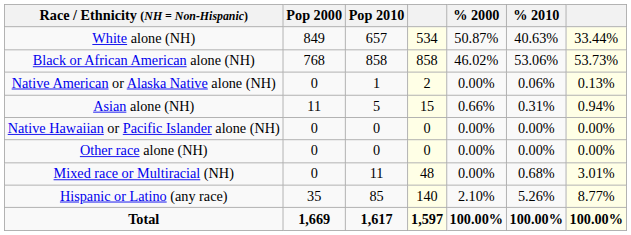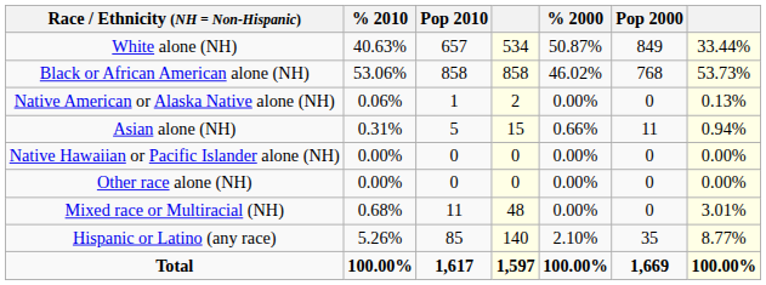 <table class="wikitable" style="text-align:center;">
 <tr>
 <th>Race / Ethnicity <small>(<em>NH = Non-Hispanic</em>)</small></th>
-<th>Pop 2000</th>
+<th>% 2010</th>
 <th>Pop 2010</th>
 <th></th>
 <th>% 2000</th>
-<th>% 2010</th>
+<th>Pop 2000</th>
 <th></th>
 </tr>
 <tr>
 <td><a href='#'>White</a> alone (NH)</td>
-<td>849</td>
+<td>40.63%</td>
 <td>657</td>
 <td style='background: #ffffe6;'>534</td>
 <td>50.87%</td>
-<td>40.63%</td>
+<td>849</td>
 <td style='background: #ffffe6;'>33.44%</td>
 </tr>
 <tr>
 <td><a href='#'>Black or African American</a> alone (NH)</td>
-<td>768</td>
+<td>53.06%</td>
 <td>858</td>
 <td style='background: #ffffe6;'>858</td>
 <td>46.02%</td>
-<td>53.06%</td>
+<td>768</td>
 <td style='background: #ffffe6;'>53.73%</td>
 </tr>
 <tr>
 <td><a href='#'>Native American</a> or <a href='#'>Alaska Native</a> alone (NH)</td>
-<td>0</td>
+<td>0.06%</td>
 <td>1</td>
 <td style='background: #ffffe6;'>2</td>
 <td>0.00%</td>
-<td>0.06%</td>
+<td>0</td>
 <td style='background: #ffffe6;'>0.13%</td>
 </tr>
 <tr>
 <td><a href='#'>Asian</a> alone (NH)</td>
-<td>11</td>
+<td>0.31%</td>
 <td>5</td>
 <td style='background: #ffffe6;'>15</td>
 <td>0.66%</td>
-<td>0.31%</td>
+<td>11</td>
 <td style='background: #ffffe6;'>0.94%</td>
 </tr>
 <tr>
 <td><a href='#'>Native Hawaiian</a> or <a href='#'>Pacific Islander</a> alone (NH)</td>
-<td>0</td>
+<td>0.00%</td>
 <td>0</td>
 <td style='background: #ffffe6;'>0</td>
 <td>0.00%</td>
-<td>0.00%</td>
+<td>0</td>
 <td style='background: #ffffe6;'>0.00%</td>
 </tr>
 <tr>
 <td><a href='#'>Other race</a> alone (NH)</td>
-<td>0</td>
+<td>0.00%</td>
 <td>0</td>
 <td style='background: #ffffe6;'>0</td>
 <td>0.00%</td>
-<td>0.00%</td>
+<td>0</td>
 <td style='background: #ffffe6;'>0.00%</td>
 </tr>
 <tr>
 <td><a href='#'>Mixed race or Multiracial</a> (NH)</td>
-<td>0</td>
+<td>0.68%</td>
 <td>11</td>
 <td style='background: #ffffe6;'>48</td>
 <td>0.00%</td>
-<td>0.68%</td>
+<td>0</td>
 <td style='background: #ffffe6;'>3.01%</td>
 </tr>
 <tr>
 <td><a href='#'>Hispanic or Latino</a> (any race)</td>
-<td>35</td>
+<td>5.26%</td>
 <td>85</td>
 <td style='background: #ffffe6;'>140</td>
 <td>2.10%</td>
-<td>5.26%</td>
+<td>35</td>
 <td style='background: #ffffe6;'>8.77%</td>
 </tr>
 <tr>
 <td><strong>Total</strong></td>
-<td><strong>1,669</strong></td>
+<td><strong>100.00%</strong></td>
 <td><strong>1,617</strong></td>
 <td style='background: #ffffe6;'><strong>1,597</strong></td>
 <td><strong>100.00%</strong></td>
-<td><strong>100.00%</strong></td>
+<td><strong>1,669</strong></td>
 <td style='background: #ffffe6;'><strong>100.00%</strong></td>
 </tr>
 </table>
